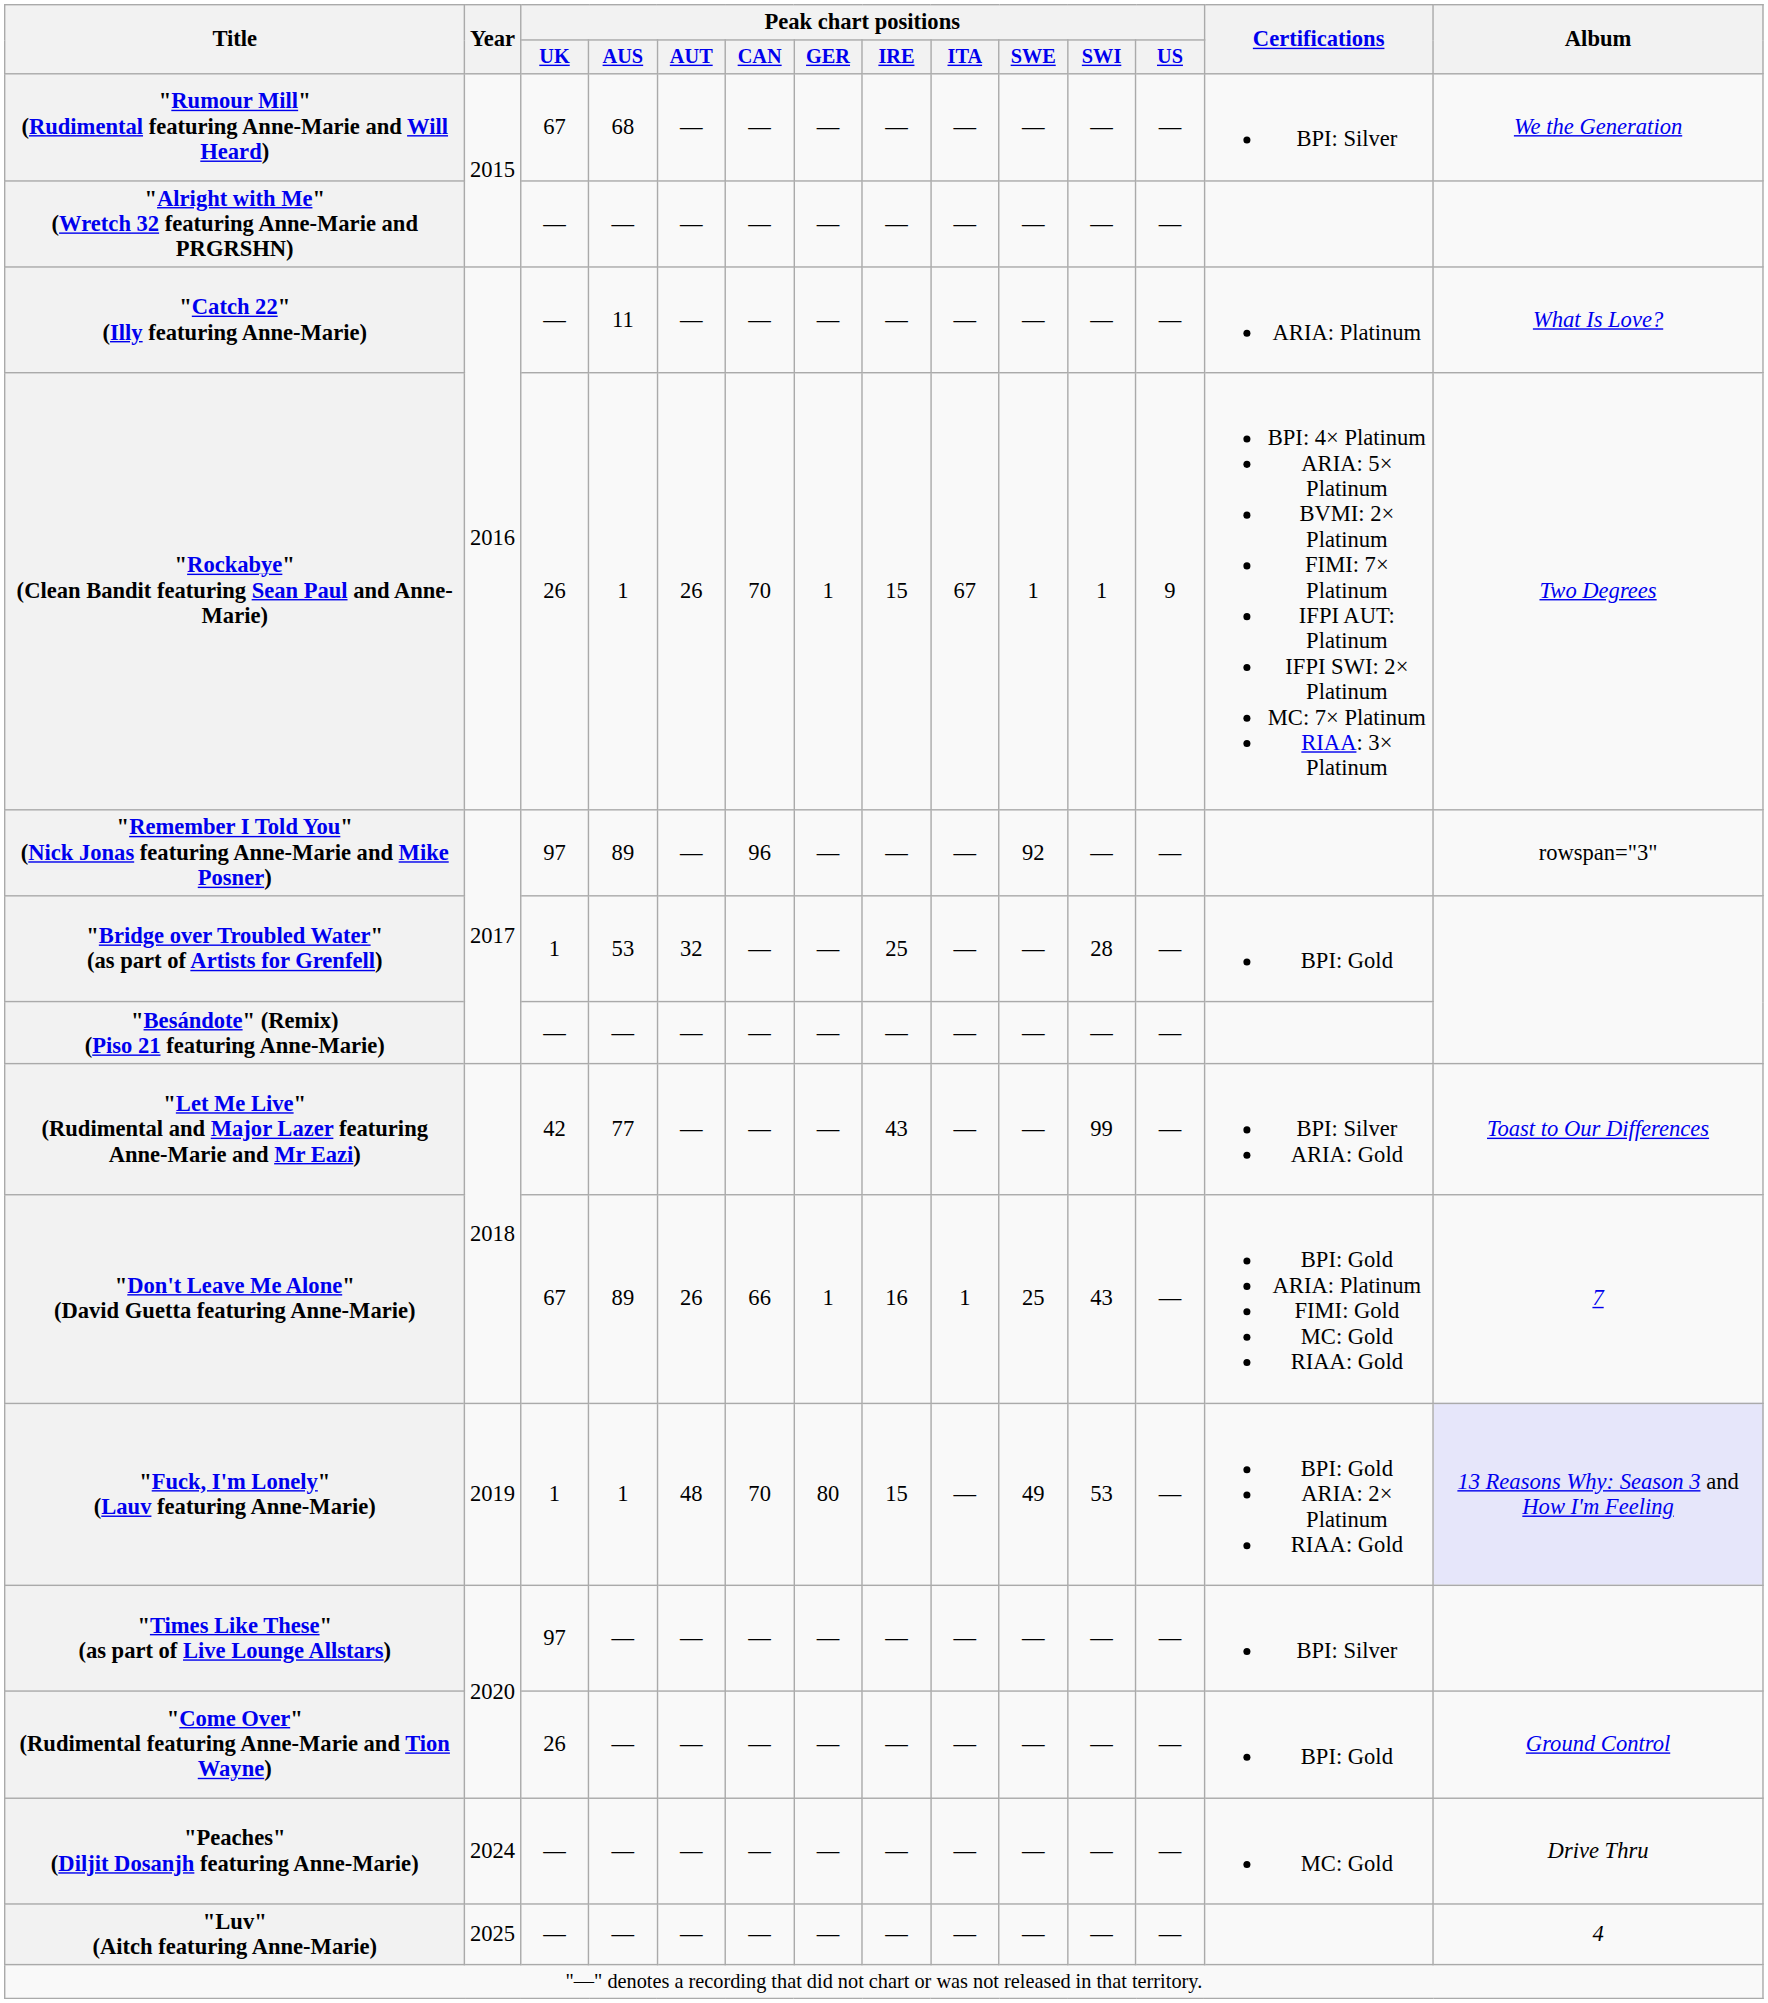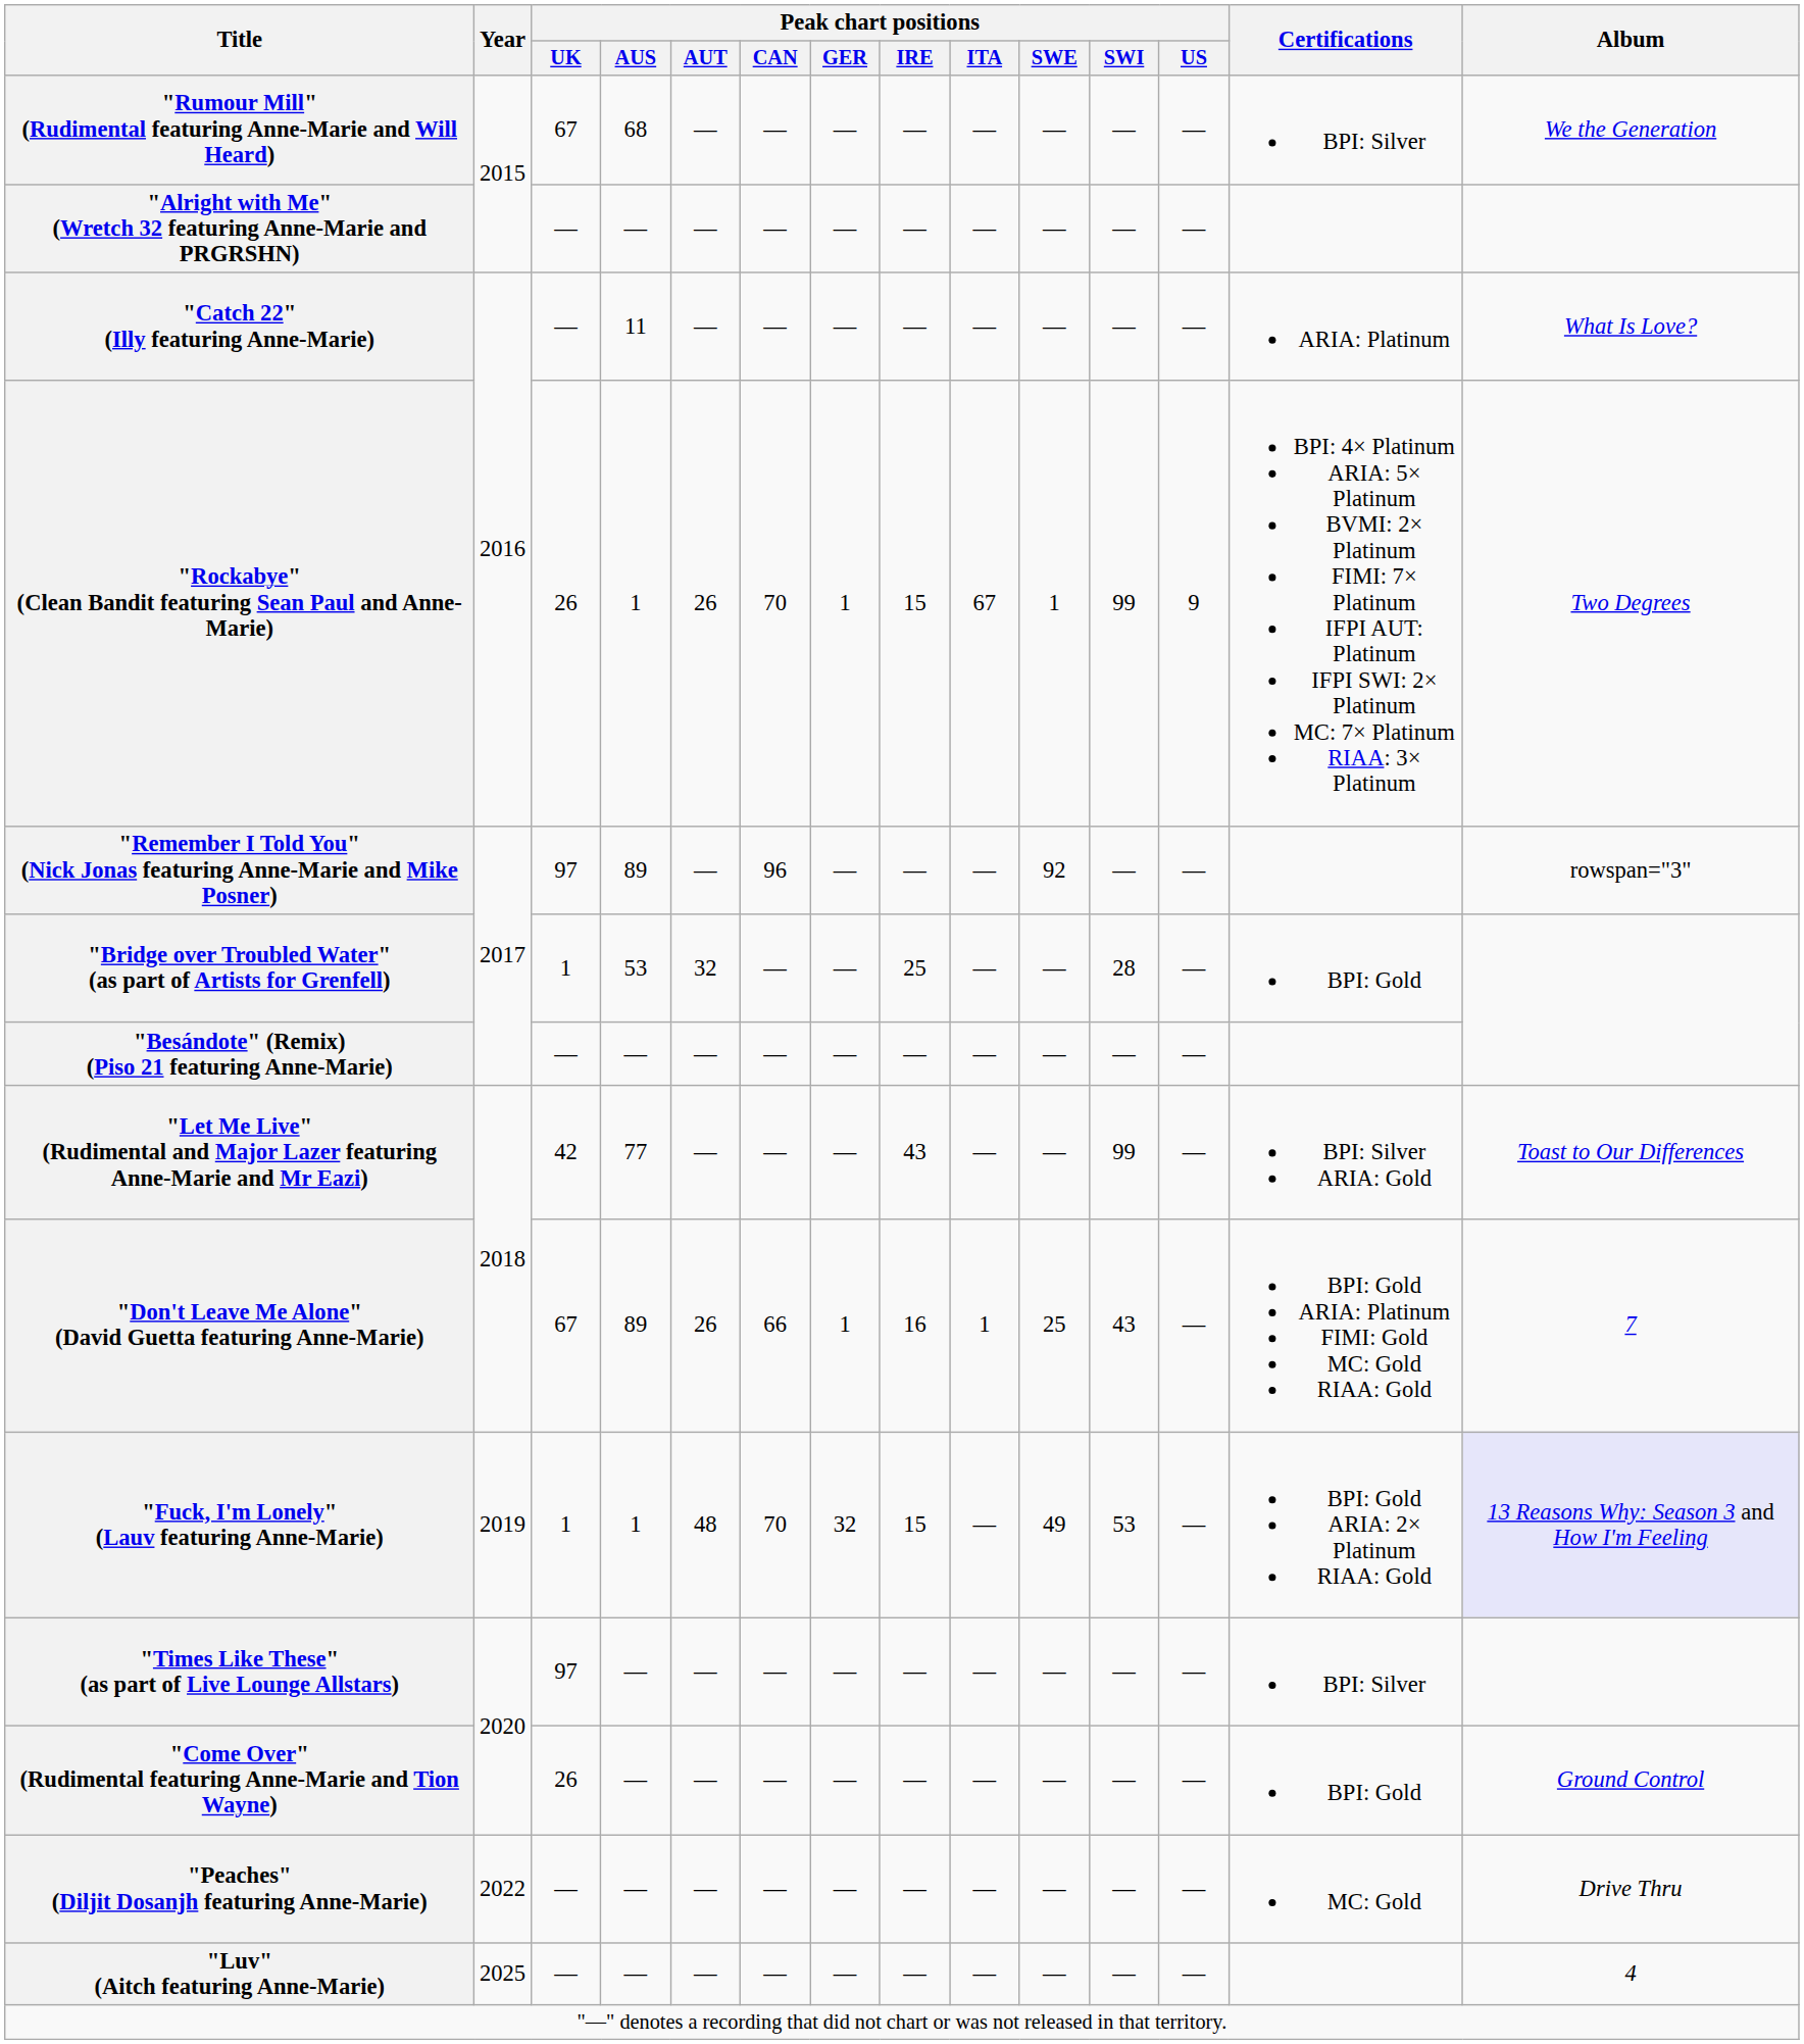 <table class="wikitable plainrowheaders" style="text-align:center;">
 <tr>
 <th scope="col" rowspan="2">Title</th>
 <th scope="col" rowspan="2" style="width:1em;">Year</th>
 <th scope="col" colspan="10">Peak chart positions</th>
 <th scope="col" rowspan="2"><a href='#'>Certifications</a></th>
 <th scope="col" rowspan="2">Album</th>
 </tr>
 <tr>
 <th scope="col" style="width:2.9em;font-size:90%;"><a href='#'>UK</a><br></th>
 <th scope="col" style="width:2.9em;font-size:90%;"><a href='#'>AUS</a><br></th>
 <th scope="col" style="width:2.9em;font-size:90%;"><a href='#'>AUT</a><br></th>
 <th scope="col" style="width:2.9em;font-size:90%;"><a href='#'>CAN</a><br></th>
 <th scope="col" style="width:2.9em;font-size:90%;"><a href='#'>GER</a><br></th>
 <th scope="col" style="width:2.9em;font-size:90%;"><a href='#'>IRE</a><br></th>
 <th scope="col" style="width:2.9em;font-size:90%;"><a href='#'>ITA</a><br></th>
 <th scope="col" style="width:2.9em;font-size:90%;"><a href='#'>SWE</a><br></th>
 <th scope="col" style="width:2.9em;font-size:90%;"><a href='#'>SWI</a><br></th>
 <th scope="col" style="width:2.9em;font-size:90%;"><a href='#'>US</a><br></th>
 </tr>
 <tr>
 <th scope="row">"<a href='#'>Rumour Mill</a>"<br><span>(<a href='#'>Rudimental</a> featuring Anne-Marie and <a href='#'>Will Heard</a>)</span></th>
 <td rowspan="2">2015</td>
 <td>67</td>
 <td>68</td>
 <td>—</td>
 <td>—</td>
 <td>—</td>
 <td>—</td>
 <td>—</td>
 <td>—</td>
 <td>—</td>
 <td>—</td>
 <td><br><ul><li>BPI: Silver</li></ul></td>
 <td><em><a href='#'>We the Generation</a></em></td>
 </tr>
 <tr>
 <th scope="row">"<a href='#'>Alright with Me</a>"<br><span>(<a href='#'>Wretch 32</a> featuring Anne-Marie and PRGRSHN)</span></th>
 <td>—</td>
 <td>—</td>
 <td>—</td>
 <td>—</td>
 <td>—</td>
 <td>—</td>
 <td>—</td>
 <td>—</td>
 <td>—</td>
 <td>—</td>
 <td></td>
 <td></td>
 </tr>
 <tr>
 <th scope="row">"<a href='#'>Catch 22</a>"<br><span>(<a href='#'>Illy</a> featuring Anne-Marie)</span></th>
 <td rowspan="2">2016</td>
 <td>—</td>
 <td>11</td>
 <td>—</td>
 <td>—</td>
 <td>—</td>
 <td>—</td>
 <td>—</td>
 <td>—</td>
 <td>—</td>
 <td>—</td>
 <td><br><ul><li>ARIA: Platinum</li></ul></td>
 <td><em><a href='#'>What Is Love?</a></em></td>
 </tr>
 <tr>
 <th scope="row">"<a href='#'>Rockabye</a>"<br><span>(Clean Bandit featuring <a href='#'>Sean Paul</a> and Anne-Marie)</span></th>
 <td>26</td>
 <td>1</td>
 <td>26</td>
 <td>70</td>
 <td>1</td>
 <td>15</td>
 <td>67</td>
 <td>1</td>
-<td>1</td>
+<td>99</td>
 <td>9</td>
 <td><br><ul><li>BPI: 4× Platinum</li><li>ARIA: 5× Platinum</li><li>BVMI: 2× Platinum</li><li>FIMI: 7× Platinum</li><li>IFPI AUT: Platinum</li><li>IFPI SWI: 2× Platinum</li><li>MC: 7× Platinum</li><li><a href='#'>RIAA</a>: 3× Platinum</li></ul></td>
 <td><em><a href='#'>Two Degrees</a></em></td>
 </tr>
 <tr>
 <th scope="row">"<a href='#'>Remember I Told You</a>"<br><span>(<a href='#'>Nick Jonas</a> featuring Anne-Marie and <a href='#'>Mike Posner</a>)</span></th>
 <td rowspan="3">2017</td>
 <td>97</td>
 <td>89</td>
 <td>—</td>
 <td>96</td>
 <td>—</td>
 <td>—</td>
 <td>—</td>
 <td>92</td>
 <td>—</td>
 <td>—</td>
 <td></td>
 <td>rowspan="3" </td>
 </tr>
 <tr>
 <th scope="row">"<a href='#'>Bridge over Troubled Water</a>"<br><span>(as part of <a href='#'>Artists for Grenfell</a>)</span></th>
 <td>1</td>
 <td>53</td>
 <td>32</td>
 <td>—</td>
 <td>—</td>
 <td>25</td>
 <td>—</td>
 <td>—</td>
 <td>28</td>
 <td>—</td>
 <td><br><ul><li>BPI: Gold</li></ul></td>
 </tr>
 <tr>
 <th scope="row">"<a href='#'>Besándote</a>" <span>(Remix)</span><br><span>(<a href='#'>Piso 21</a> featuring Anne-Marie)</span></th>
 <td>—</td>
 <td>—</td>
 <td>—</td>
 <td>—</td>
 <td>—</td>
 <td>—</td>
 <td>—</td>
 <td>—</td>
 <td>—</td>
 <td>—</td>
 <td></td>
 </tr>
 <tr>
 <th scope="row">"<a href='#'>Let Me Live</a>"<br><span>(Rudimental and <a href='#'>Major Lazer</a> featuring Anne-Marie and <a href='#'>Mr Eazi</a>)</span></th>
 <td rowspan="2">2018</td>
 <td>42</td>
 <td>77</td>
 <td>—</td>
 <td>—</td>
 <td>—</td>
 <td>43</td>
 <td>—</td>
 <td>—</td>
 <td>99</td>
 <td>—</td>
 <td><br><ul><li>BPI: Silver</li><li>ARIA: Gold</li></ul></td>
 <td><em><a href='#'>Toast to Our Differences</a></em></td>
 </tr>
 <tr>
 <th scope="row">"<a href='#'>Don't Leave Me Alone</a>"<br><span>(David Guetta featuring Anne-Marie)</span></th>
 <td>67</td>
 <td>89</td>
 <td>26</td>
 <td>66</td>
 <td>1</td>
 <td>16</td>
 <td>1</td>
 <td>25</td>
 <td>43</td>
 <td>—</td>
 <td><br><ul><li>BPI: Gold</li><li>ARIA: Platinum</li><li>FIMI: Gold</li><li>MC: Gold</li><li>RIAA: Gold</li></ul></td>
 <td><em><a href='#'>7</a></em></td>
 </tr>
 <tr>
 <th scope="row">"<a href='#'>Fuck, I'm Lonely</a>"<br><span>(<a href='#'>Lauv</a> featuring Anne-Marie)</span></th>
 <td>2019</td>
 <td>1</td>
 <td>1</td>
 <td>48</td>
 <td>70</td>
-<td>80</td>
+<td>32</td>
 <td>15</td>
 <td>—</td>
 <td>49</td>
 <td>53</td>
 <td>—</td>
 <td><br><ul><li>BPI: Gold</li><li>ARIA: 2× Platinum</li><li>RIAA: Gold</li></ul></td>
 <td style="background: lavender;"><em><a href='#'>13 Reasons Why: Season 3</a></em> and <em><a href='#'>How I'm Feeling</a></em></td>
 </tr>
 <tr>
 <th scope="row">"<a href='#'>Times Like These</a>"<br><span>(as part of <a href='#'>Live Lounge Allstars</a>)</span></th>
 <td rowspan="2">2020</td>
 <td>97</td>
 <td>—</td>
 <td>—</td>
 <td>—</td>
 <td>—</td>
 <td>—</td>
 <td>—</td>
 <td>—</td>
 <td>—</td>
 <td>—</td>
 <td><br><ul><li>BPI: Silver</li></ul></td>
 <td></td>
 </tr>
 <tr>
 <th scope="row">"<a href='#'>Come Over</a>"<br><span>(Rudimental featuring Anne-Marie and <a href='#'>Tion Wayne</a>)</span></th>
 <td>26</td>
 <td>—</td>
 <td>—</td>
 <td>—</td>
 <td>—</td>
 <td>—</td>
 <td>—</td>
 <td>—</td>
 <td>—</td>
 <td>—</td>
 <td><br><ul><li>BPI: Gold</li></ul></td>
 <td><em><a href='#'>Ground Control</a></em></td>
 </tr>
 <tr>
 <th scope="row">"Peaches"<br><span>(<a href='#'>Diljit Dosanjh</a> featuring Anne-Marie)</span></th>
-<td>2024</td>
+<td>2022</td>
 <td>—</td>
 <td>—</td>
 <td>—</td>
 <td>—</td>
 <td>—</td>
 <td>—</td>
 <td>—</td>
 <td>—</td>
 <td>—</td>
 <td>—</td>
 <td><br><ul><li>MC: Gold</li></ul></td>
 <td><em>Drive Thru</em></td>
 </tr>
 <tr>
 <th scope="row">"Luv"<br><span>(Aitch featuring Anne-Marie)</span></th>
 <td>2025</td>
 <td>—</td>
 <td>—</td>
 <td>—</td>
 <td>—</td>
 <td>—</td>
 <td>—</td>
 <td>—</td>
 <td>—</td>
 <td>—</td>
 <td>—</td>
 <td></td>
 <td><em>4</em></td>
 </tr>
 <tr>
 <td colspan="14" style="font-size:90%">"—" denotes a recording that did not chart or was not released in that territory.</td>
 </tr>
 </table>
